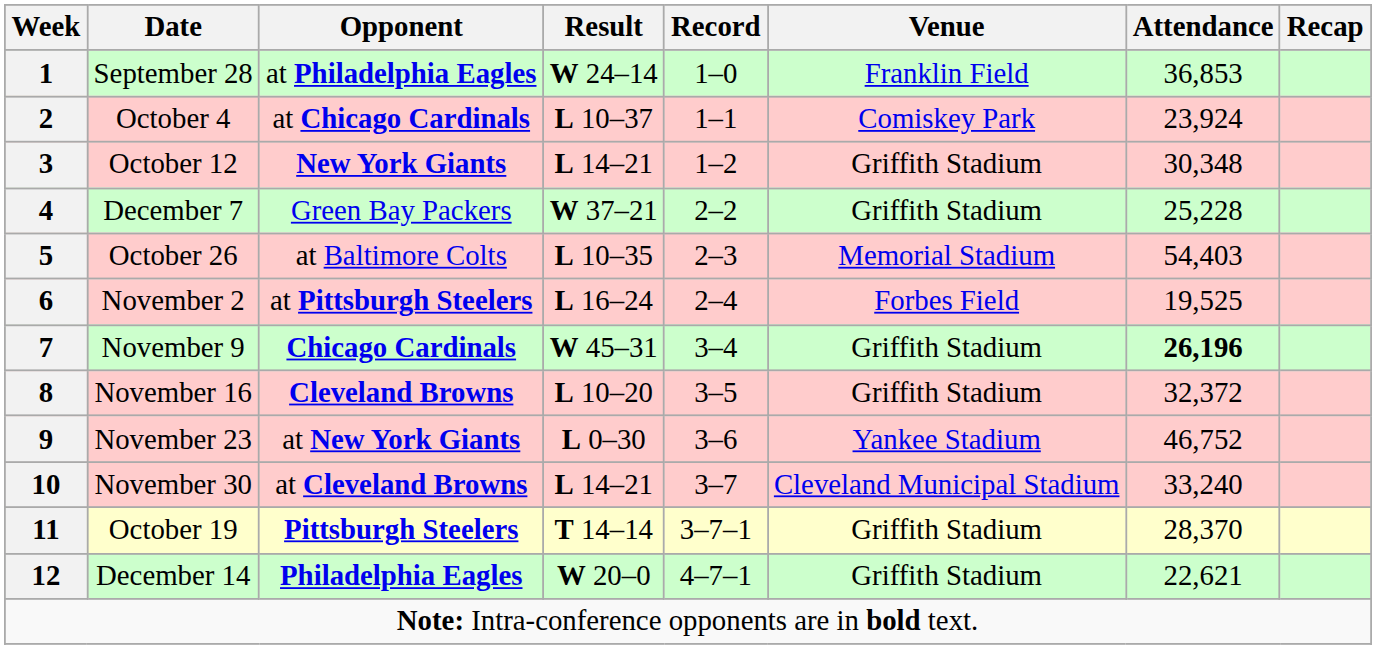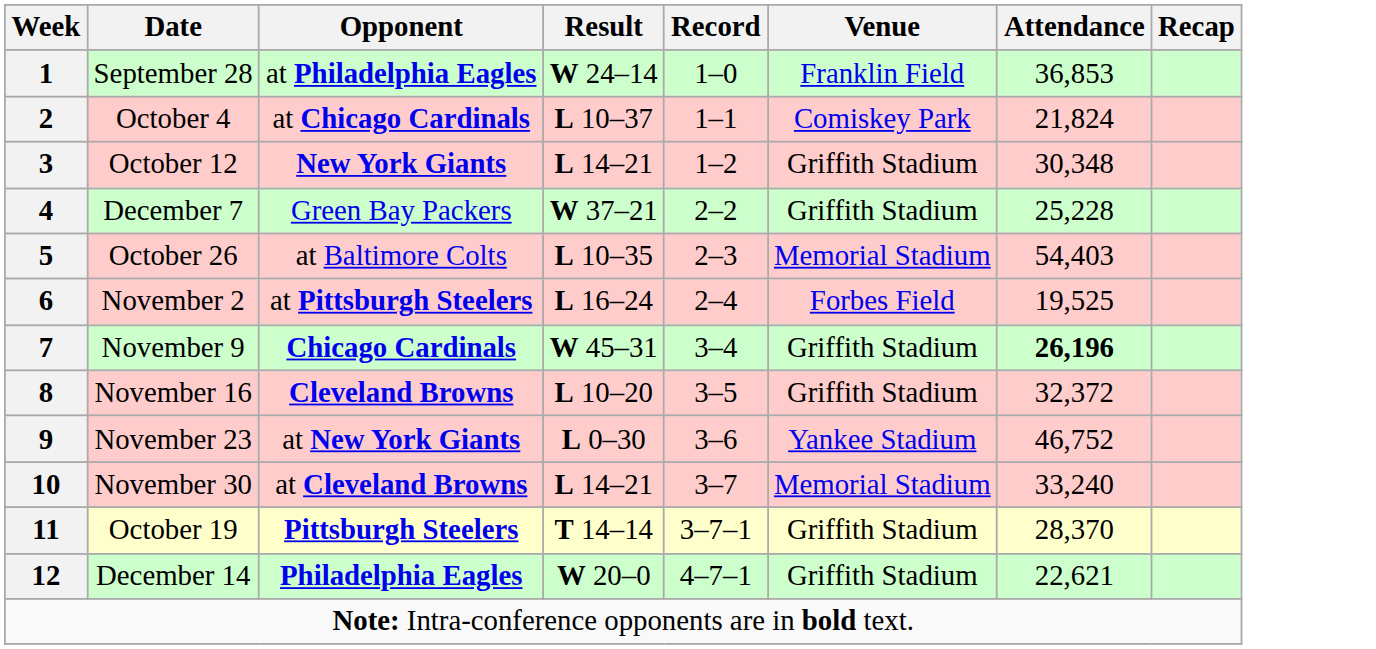 <table class="wikitable" style="text-align:center">
 <tr>
 <th>Week</th>
 <th>Date</th>
 <th>Opponent</th>
 <th>Result</th>
 <th>Record</th>
 <th>Venue</th>
 <th>Attendance</th>
 <th>Recap</th>
 </tr>
 <tr style="background:#cfc">
 <th>1</th>
 <td>September 28</td>
 <td>at <strong><a href='#'>Philadelphia Eagles</a></strong></td>
 <td><strong>W</strong> 24–14</td>
 <td>1–0</td>
 <td><a href='#'>Franklin Field</a></td>
 <td>36,853</td>
 <td></td>
 </tr>
 <tr style="background:#fcc">
 <th>2</th>
 <td>October 4</td>
 <td>at <strong><a href='#'>Chicago Cardinals</a></strong></td>
 <td><strong>L</strong> 10–37</td>
 <td>1–1</td>
 <td><a href='#'>Comiskey Park</a></td>
-<td>23,924</td>
+<td>21,824</td>
 <td></td>
 </tr>
 <tr style="background:#fcc">
 <th>3</th>
 <td>October 12</td>
 <td><strong><a href='#'>New York Giants</a></strong></td>
 <td><strong>L</strong> 14–21</td>
 <td>1–2</td>
 <td>Griffith Stadium</td>
 <td>30,348</td>
 <td></td>
 </tr>
 <tr style="background:#cfc">
 <th>4</th>
 <td>December 7</td>
 <td><a href='#'>Green Bay Packers</a></td>
 <td><strong>W</strong> 37–21</td>
 <td>2–2</td>
 <td>Griffith Stadium</td>
 <td>25,228</td>
 <td></td>
 </tr>
 <tr style="background:#fcc">
 <th>5</th>
 <td>October 26</td>
 <td>at <a href='#'>Baltimore Colts</a></td>
 <td><strong>L</strong> 10–35</td>
 <td>2–3</td>
 <td><a href='#'>Memorial Stadium</a></td>
 <td>54,403</td>
 <td></td>
 </tr>
 <tr style="background:#fcc">
 <th>6</th>
 <td>November 2</td>
 <td>at <strong><a href='#'>Pittsburgh Steelers</a></strong></td>
 <td><strong>L</strong> 16–24</td>
 <td>2–4</td>
 <td><a href='#'>Forbes Field</a></td>
 <td>19,525</td>
 <td></td>
 </tr>
 <tr style="background:#cfc">
 <th>7</th>
 <td>November 9</td>
 <td><strong><a href='#'>Chicago Cardinals</a></strong></td>
 <td><strong>W</strong> 45–31</td>
 <td>3–4</td>
 <td>Griffith Stadium</td>
 <td><strong>26,196</strong></td>
 <td></td>
 </tr>
 <tr style="background:#fcc">
 <th>8</th>
 <td>November 16</td>
 <td><strong><a href='#'>Cleveland Browns</a></strong></td>
 <td><strong>L</strong> 10–20</td>
 <td>3–5</td>
 <td>Griffith Stadium</td>
 <td>32,372</td>
 <td></td>
 </tr>
 <tr style="background:#fcc">
 <th>9</th>
 <td>November 23</td>
 <td>at <strong><a href='#'>New York Giants</a></strong></td>
 <td><strong>L</strong> 0–30</td>
 <td>3–6</td>
 <td><a href='#'>Yankee Stadium</a></td>
 <td>46,752</td>
 <td></td>
 </tr>
 <tr style="background:#fcc">
 <th>10</th>
 <td>November 30</td>
 <td>at <strong><a href='#'>Cleveland Browns</a></strong></td>
 <td><strong>L</strong> 14–21</td>
 <td>3–7</td>
-<td><a href='#'>Cleveland Municipal Stadium</a></td>
+<td><a href='#'>Memorial Stadium</a></td>
 <td>33,240</td>
 <td></td>
 </tr>
 <tr style="background:#ffc">
 <th>11</th>
 <td>October 19</td>
 <td><strong><a href='#'>Pittsburgh Steelers</a></strong></td>
 <td><strong>T</strong> 14–14</td>
 <td>3–7–1</td>
 <td>Griffith Stadium</td>
 <td>28,370</td>
 <td></td>
 </tr>
 <tr style="background:#cfc">
 <th>12</th>
 <td>December 14</td>
 <td><strong><a href='#'>Philadelphia Eagles</a></strong></td>
 <td><strong>W</strong> 20–0</td>
 <td>4–7–1</td>
 <td>Griffith Stadium</td>
 <td>22,621</td>
 <td></td>
 </tr>
 <tr>
 <td colspan="8"><strong>Note:</strong> Intra-conference opponents are in <strong>bold</strong> text.</td>
 </tr>
 </table>
